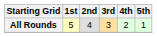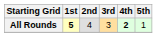 <table class="wikitable" style="font-size:85%; text-align:center">
 <tr>
 <th>Starting Grid</th>
 <th>1st</th>
 <th>2nd</th>
 <th>3rd</th>
 <th>4th</th>
 <th>5th</th>
 </tr>
 <tr>
 <th>All Rounds</th>
-<td style="background:#ffffbf;">5</td>
+<td style="background:#ffffbf;"><strong>5</strong></td>
 <td style="background:#dfdfdf;">4</td>
 <td style="background:#ffdf9f;">3</td>
-<td style="background:#dfffdf;">2</td>
+<td style="background:#dfffdf;"><strong>2</strong></td>
 <td style="background:#dfffdf;">1</td>
 </tr>
 <tr>
 </tr>
 </table>
